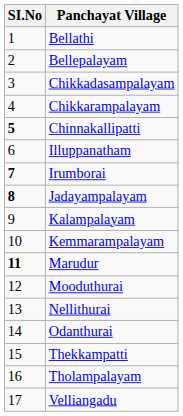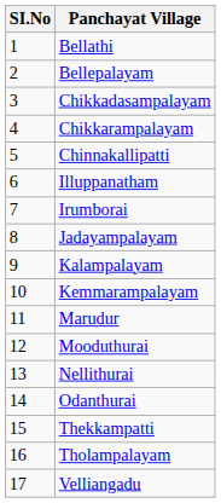 <table class="wikitable sortable">
 <tr>
 <th>SI.No</th>
 <th>Panchayat Village</th>
 </tr>
 <tr>
 <td>1</td>
 <td><a href='#'>Bellathi</a></td>
 </tr>
 <tr>
 <td>2</td>
 <td><a href='#'>Bellepalayam</a></td>
 </tr>
 <tr>
 <td>3</td>
 <td><a href='#'>Chikkadasampalayam</a></td>
 </tr>
 <tr>
 <td>4</td>
 <td><a href='#'>Chikkarampalayam</a></td>
 </tr>
 <tr>
-<td><strong>5</strong></td>
+<td>5</td>
 <td><a href='#'>Chinnakallipatti</a></td>
 </tr>
 <tr>
 <td>6</td>
 <td><a href='#'>Illuppanatham</a></td>
 </tr>
 <tr>
-<td><strong>7</strong></td>
+<td>7</td>
 <td><a href='#'>Irumborai</a></td>
 </tr>
 <tr>
-<td><strong>8</strong></td>
+<td>8</td>
 <td><a href='#'>Jadayampalayam</a></td>
 </tr>
 <tr>
 <td>9</td>
 <td><a href='#'>Kalampalayam</a></td>
 </tr>
 <tr>
 <td>10</td>
 <td><a href='#'>Kemmarampalayam</a></td>
 </tr>
 <tr>
-<td><strong>11</strong></td>
+<td>11</td>
 <td><a href='#'>Marudur</a></td>
 </tr>
 <tr>
 <td>12</td>
 <td><a href='#'>Mooduthurai</a></td>
 </tr>
 <tr>
 <td>13</td>
 <td><a href='#'>Nellithurai</a></td>
 </tr>
 <tr>
 <td>14</td>
 <td><a href='#'>Odanthurai</a></td>
 </tr>
 <tr>
 <td>15</td>
 <td><a href='#'>Thekkampatti</a></td>
 </tr>
 <tr>
 <td>16</td>
 <td><a href='#'>Tholampalayam</a></td>
 </tr>
 <tr>
 <td>17</td>
 <td><a href='#'>Velliangadu</a></td>
 </tr>
 </table>
